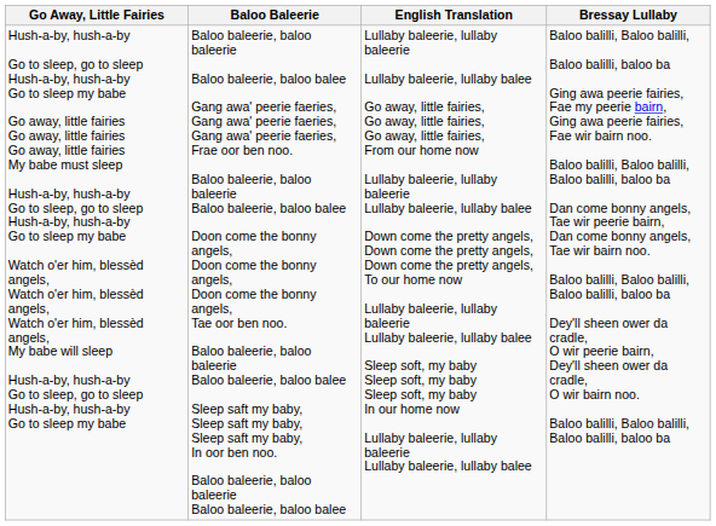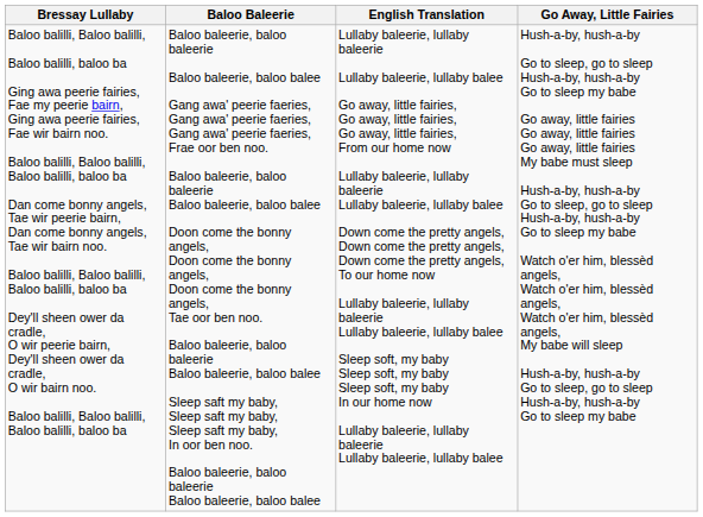 <table class="wikitable" border="1" style="width:100%;">
 <tr>
-<th>Go Away, Little Fairies</th>
+<th>Bressay Lullaby</th>
 <th>Baloo Baleerie</th>
 <th>English Translation</th>
-<th>Bressay Lullaby</th>
+<th>Go Away, Little Fairies</th>
 </tr>
 <tr style="vertical-align:top;">
-<td>Hush-a-by, hush-a-by<br><br>Go to sleep, go to sleep<br> Hush-a-by, hush-a-by<br> Go to sleep my babe<br> <br> Go away, little fairies<br> Go away, little fairies<br> Go away, little fairies<br> My babe must sleep<br> <br> Hush-a-by, hush-a-by<br> Go to sleep, go to sleep<br> Hush-a-by, hush-a-by<br> Go to sleep my babe<br> <br> Watch o'er him, blessèd angels,<br> Watch o'er him, blessèd angels,<br> Watch o'er him, blessèd angels,<br> My babe will sleep<br> <br> Hush-a-by, hush-a-by<br> Go to sleep, go to sleep<br> Hush-a-by, hush-a-by<br> Go to sleep my babe<br></td>
+<td>Baloo balilli, Baloo balilli,<br><br>Baloo balilli, baloo ba<br> <br> Ging awa peerie fairies,<br> Fae my peerie <a href='#'>bairn</a>,<br> Ging awa peerie fairies,<br> Fae wir bairn noo.<br> <br> Baloo balilli, Baloo balilli,<br> Baloo balilli, baloo ba<br> <br> Dan come bonny angels,<br> Tae wir peerie bairn,<br> Dan come bonny angels,<br> Tae wir bairn noo.<br> <br> Baloo balilli, Baloo balilli,<br> Baloo balilli, baloo ba<br> <br> Dey'll sheen ower da cradle,<br> O wir peerie bairn,<br> Dey'll sheen ower da cradle,<br> O wir bairn noo.<br> <br> Baloo balilli, Baloo balilli,<br> Baloo balilli, baloo ba<br></td>
 <td>Baloo baleerie, baloo baleerie <br><br>Baloo baleerie, baloo balee <br> <br> Gang awa' peerie faeries, <br> Gang awa' peerie faeries, <br> Gang awa' peerie faeries, <br> Frae oor ben noo. <br> <br> Baloo baleerie, baloo baleerie <br> Baloo baleerie, baloo balee <br> <br> Doon come the bonny angels, <br> Doon come the bonny angels, <br> Doon come the bonny angels, <br> Tae oor ben noo. <br> <br> Baloo baleerie, baloo baleerie <br> Baloo baleerie, baloo balee <br> <br> Sleep saft my baby, <br> Sleep saft my baby, <br> Sleep saft my baby, <br> In oor ben noo. <br> <br> Baloo baleerie, baloo baleerie <br> Baloo baleerie, baloo balee <br></td>
 <td>Lullaby baleerie, lullaby baleerie <br><br>Lullaby baleerie, lullaby balee <br> <br> Go away, little fairies,<br> Go away, little fairies,<br> Go away, little fairies,<br> From our home now<br> <br> Lullaby baleerie, lullaby baleerie <br> Lullaby baleerie, lullaby balee <br> <br> Down come the pretty angels,<br> Down come the pretty angels,<br> Down come the pretty angels,<br> To our home now<br> <br> Lullaby baleerie, lullaby baleerie <br> Lullaby baleerie, lullaby balee <br> <br> Sleep soft, my baby<br> Sleep soft, my baby<br> Sleep soft, my baby<br> In our home now<br> <br> Lullaby baleerie, lullaby baleerie <br> Lullaby baleerie, lullaby balee <br></td>
-<td>Baloo balilli, Baloo balilli,<br><br>Baloo balilli, baloo ba<br> <br> Ging awa peerie fairies,<br> Fae my peerie <a href='#'>bairn</a>,<br> Ging awa peerie fairies,<br> Fae wir bairn noo.<br> <br> Baloo balilli, Baloo balilli,<br> Baloo balilli, baloo ba<br> <br> Dan come bonny angels,<br> Tae wir peerie bairn,<br> Dan come bonny angels,<br> Tae wir bairn noo.<br> <br> Baloo balilli, Baloo balilli,<br> Baloo balilli, baloo ba<br> <br> Dey'll sheen ower da cradle,<br> O wir peerie bairn,<br> Dey'll sheen ower da cradle,<br> O wir bairn noo.<br> <br> Baloo balilli, Baloo balilli,<br> Baloo balilli, baloo ba<br></td>
+<td>Hush-a-by, hush-a-by<br><br>Go to sleep, go to sleep<br> Hush-a-by, hush-a-by<br> Go to sleep my babe<br> <br> Go away, little fairies<br> Go away, little fairies<br> Go away, little fairies<br> My babe must sleep<br> <br> Hush-a-by, hush-a-by<br> Go to sleep, go to sleep<br> Hush-a-by, hush-a-by<br> Go to sleep my babe<br> <br> Watch o'er him, blessèd angels,<br> Watch o'er him, blessèd angels,<br> Watch o'er him, blessèd angels,<br> My babe will sleep<br> <br> Hush-a-by, hush-a-by<br> Go to sleep, go to sleep<br> Hush-a-by, hush-a-by<br> Go to sleep my babe<br></td>
 </tr>
 </table>
